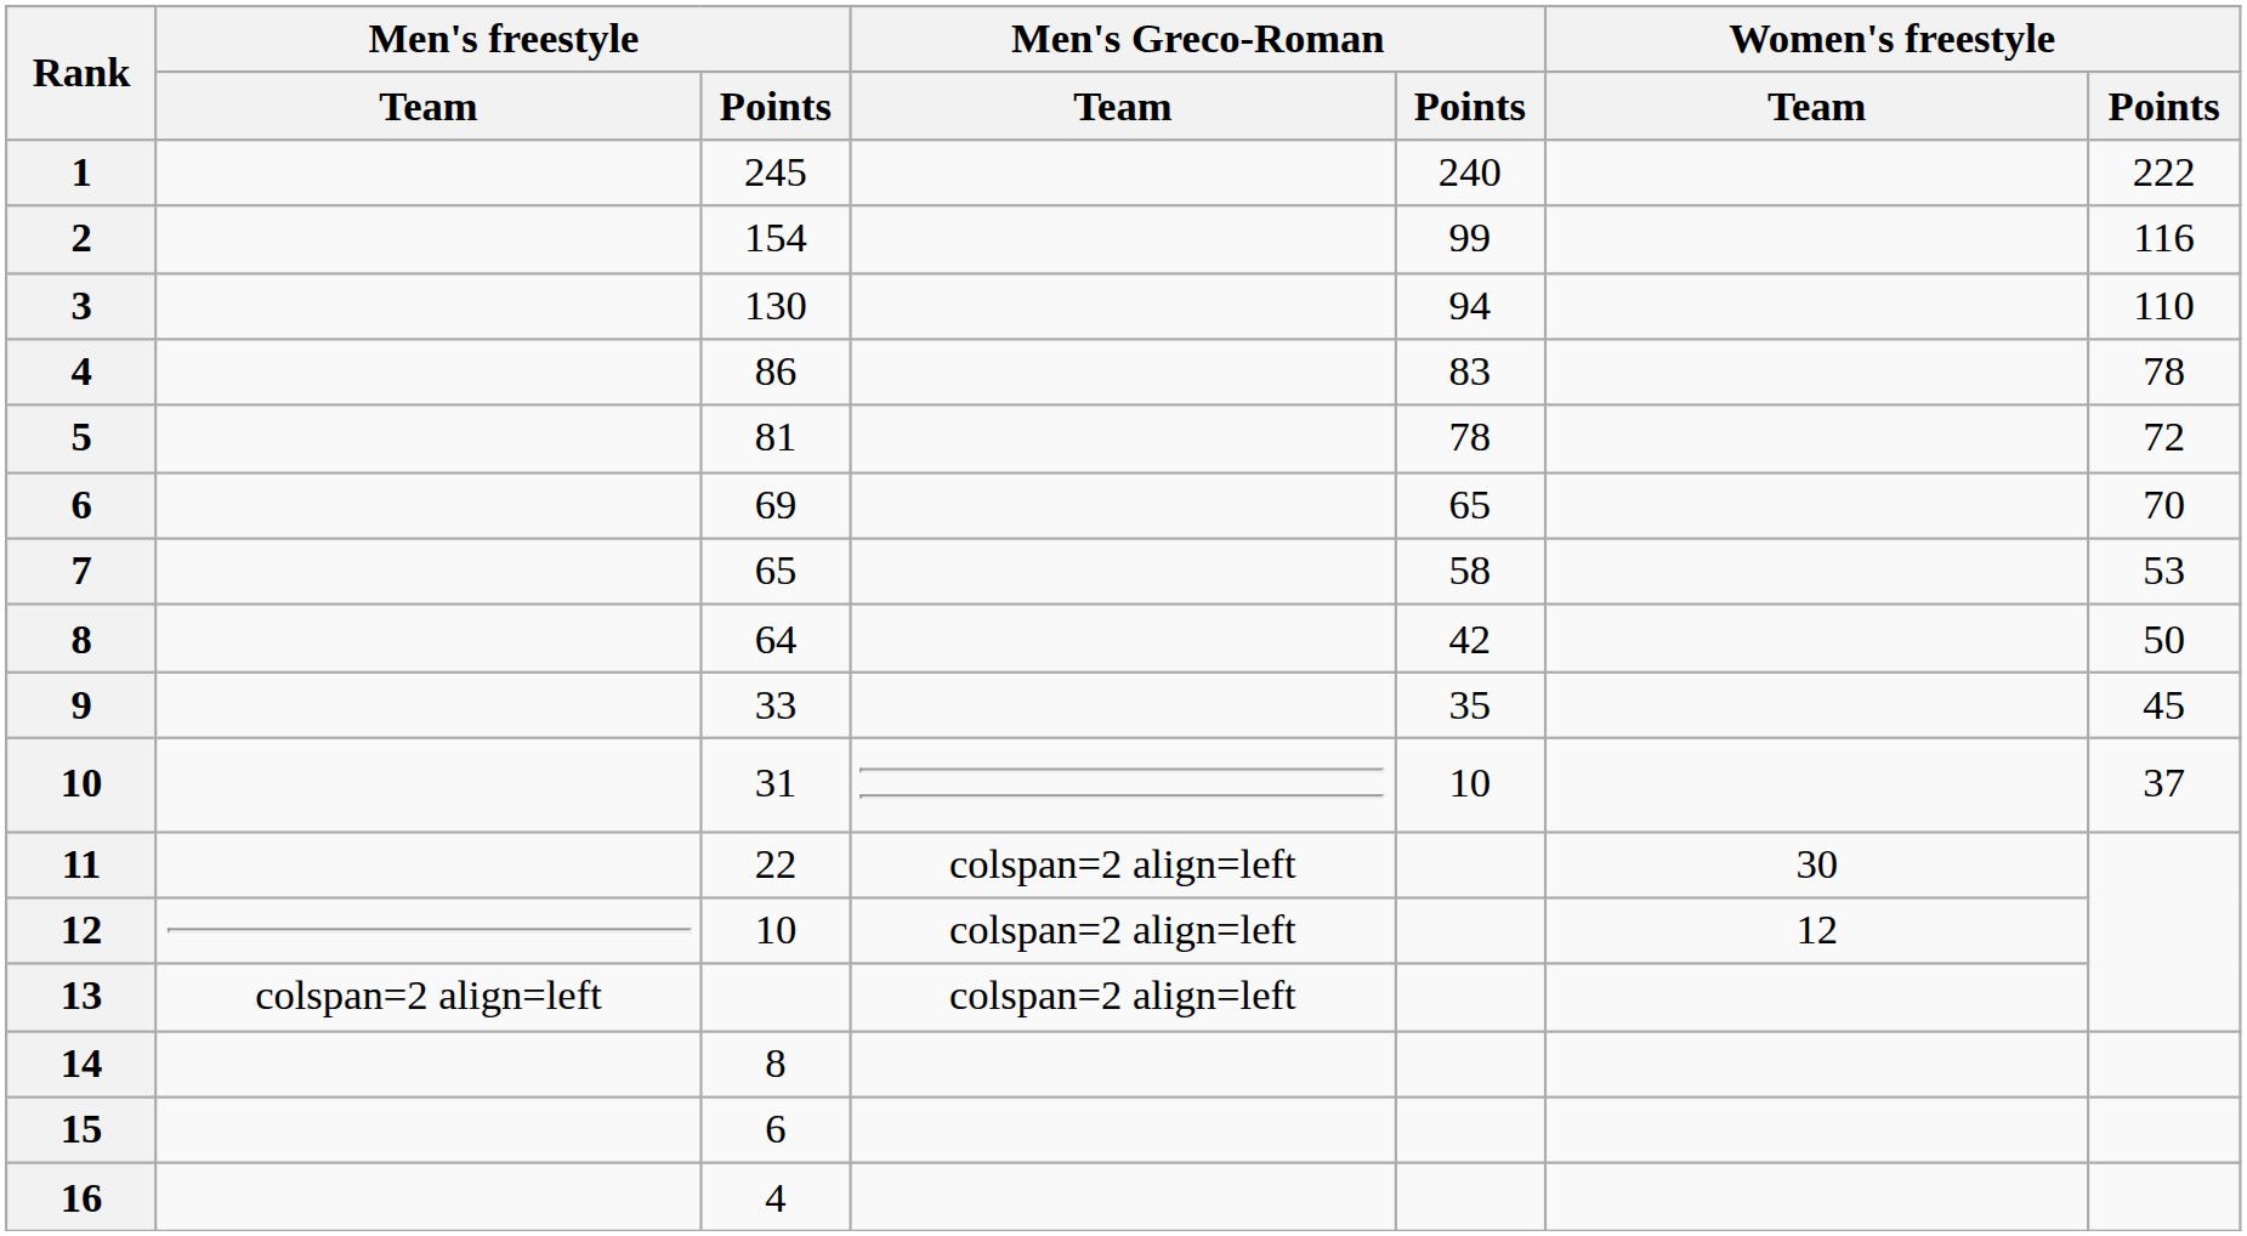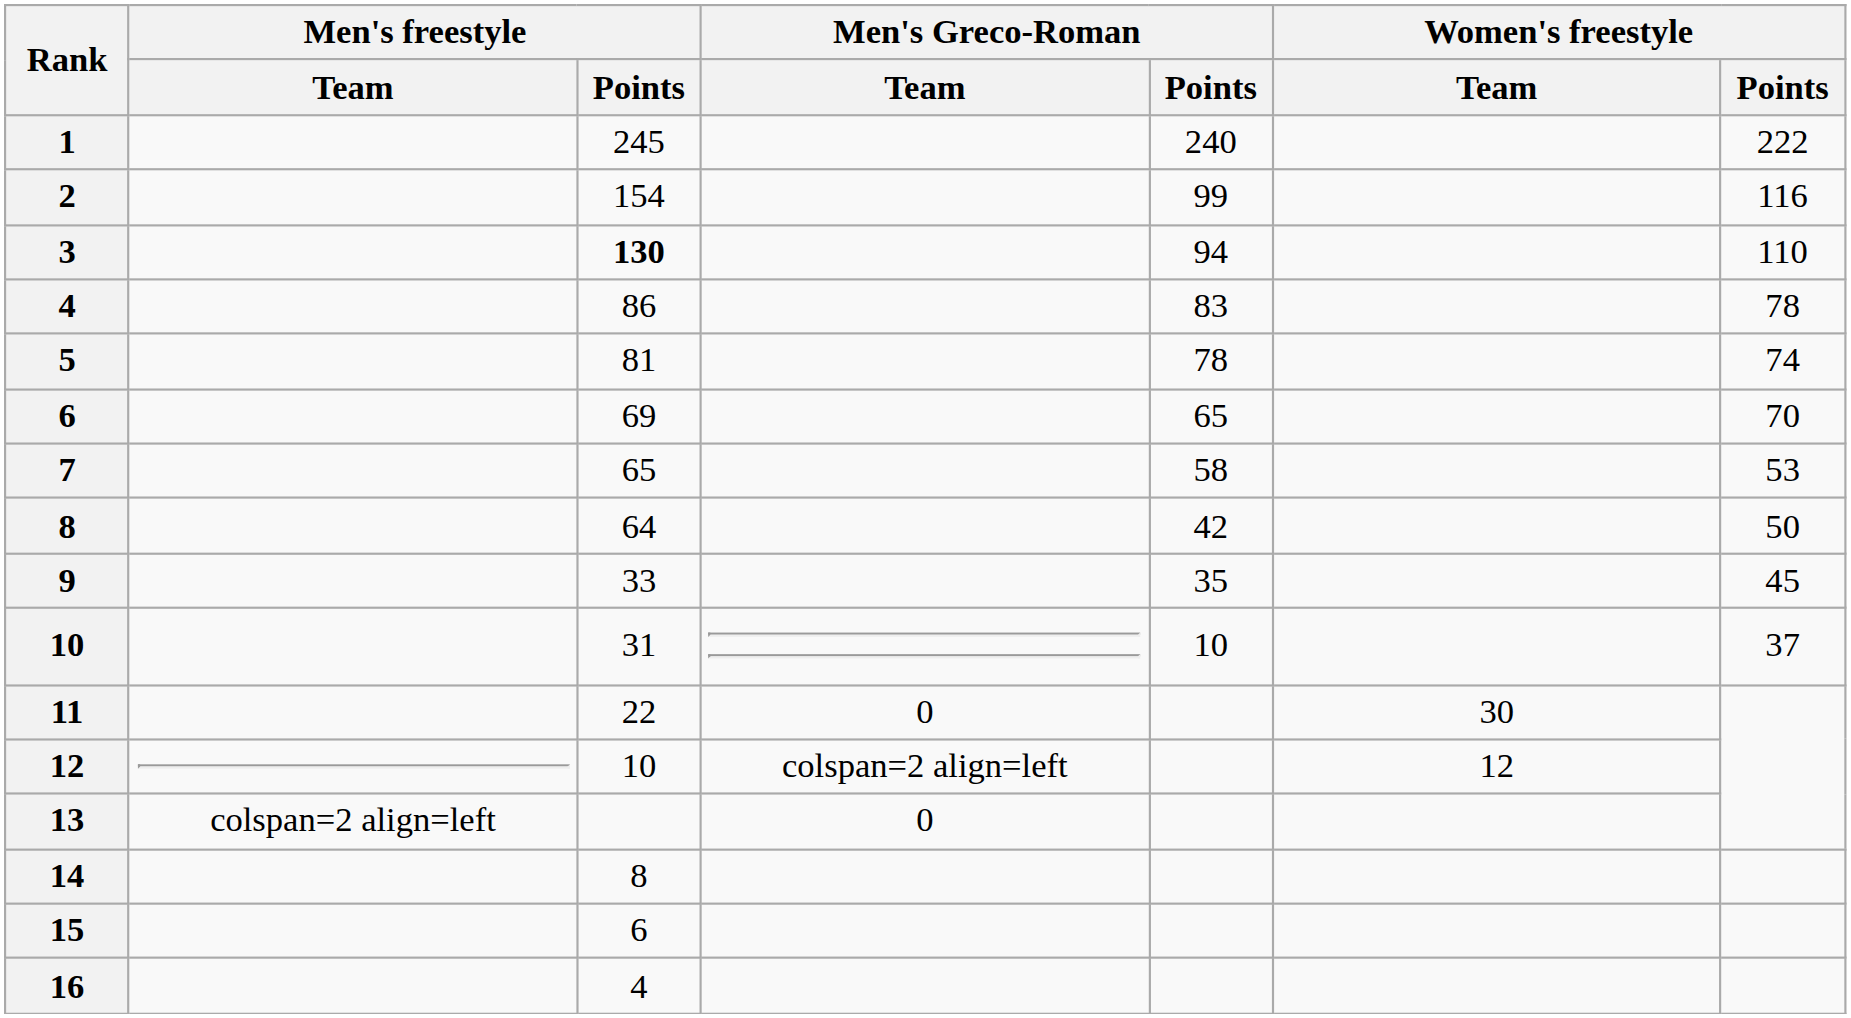 <table class="wikitable" style="text-align:center;">
 <tr>
 <th width=50 rowspan="2">Rank</th>
 <th colspan="2">Men's freestyle</th>
 <th colspan="2">Men's Greco-Roman</th>
 <th colspan="2">Women's freestyle</th>
 </tr>
 <tr>
 <th width=200>Team</th>
 <th width=50>Points</th>
 <th width=200>Team</th>
 <th width=50>Points</th>
 <th width=200>Team</th>
 <th width=50>Points</th>
 </tr>
 <tr>
 <th>1</th>
 <td align=left></td>
 <td>245</td>
 <td align=left></td>
 <td>240</td>
 <td align=left></td>
 <td>222</td>
 </tr>
 <tr>
 <th>2</th>
 <td align=left></td>
 <td>154</td>
 <td align=left></td>
 <td>99</td>
 <td align=left></td>
 <td>116</td>
 </tr>
 <tr>
 <th>3</th>
 <td align=left></td>
-<td>130</td>
+<td><strong>130</strong></td>
 <td align=left></td>
 <td>94</td>
 <td align=left></td>
 <td>110</td>
 </tr>
 <tr>
 <th>4</th>
 <td align=left></td>
 <td>86</td>
 <td align=left></td>
 <td>83</td>
 <td align=left></td>
 <td>78</td>
 </tr>
 <tr>
 <th>5</th>
 <td align=left></td>
 <td>81</td>
 <td align=left></td>
 <td>78</td>
 <td align=left></td>
-<td>72</td>
+<td>74</td>
 </tr>
 <tr>
 <th>6</th>
 <td align=left></td>
 <td>69</td>
 <td align=left></td>
 <td>65</td>
 <td align=left></td>
 <td>70</td>
 </tr>
 <tr>
 <th>7</th>
 <td align=left></td>
 <td>65</td>
 <td align=left></td>
 <td>58</td>
 <td align=left></td>
 <td>53</td>
 </tr>
 <tr>
 <th>8</th>
 <td align=left></td>
 <td>64</td>
 <td align=left></td>
 <td>42</td>
 <td align=left></td>
 <td>50</td>
 </tr>
 <tr>
 <th>9</th>
 <td align=left></td>
 <td>33</td>
 <td align=left></td>
 <td>35</td>
 <td align=left></td>
 <td>45</td>
 </tr>
 <tr>
 <th>10</th>
 <td align=left></td>
 <td>31</td>
 <td align=left><hr><hr></td>
 <td>10</td>
 <td align=left></td>
 <td>37</td>
 </tr>
 <tr>
 <th>11</th>
 <td align=left></td>
 <td>22</td>
-<td>colspan=2 align=left </td>
+<td>0</td>
 <td align=left></td>
 <td>30</td>
 </tr>
 <tr>
 <th>12</th>
 <td align=left><hr></td>
 <td>10</td>
 <td>colspan=2 align=left </td>
 <td align=left></td>
 <td>12</td>
 </tr>
 <tr>
 <th>13</th>
 <td>colspan=2 align=left </td>
 <td align=left></td>
-<td>colspan=2 align=left </td>
+<td>0</td>
 <td align=left></td>
 <td></td>
 </tr>
 <tr>
 <th>14</th>
 <td align=left></td>
 <td>8</td>
 <td align=left></td>
 <td></td>
 <td align=left></td>
 <td></td>
 </tr>
 <tr>
 <th>15</th>
 <td align=left></td>
 <td>6</td>
 <td align=left></td>
 <td></td>
 <td align=left></td>
 <td></td>
 </tr>
 <tr>
 <th>16</th>
 <td align=left></td>
 <td>4</td>
 <td align=left></td>
 <td></td>
 <td align=left></td>
 <td></td>
 </tr>
 </table>
